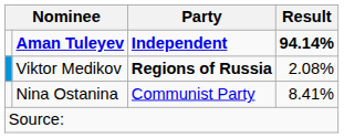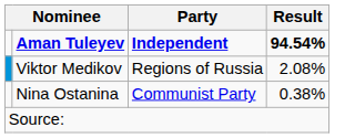 <table class=wikitable style=text-align:right>
 <tr>
 <th colspan=2>Nominee</th>
 <th>Party</th>
 <th>Result</th>
 </tr>
 <tr>
 <td style="background-color: "></td>
 <td align=left><strong><a href='#'>Aman Tuleyev</a></strong></td>
 <td align=left><strong><a href='#'>Independent</a></strong></td>
-<td><strong>94.14%</strong></td>
+<td><strong>94.54%</strong></td>
 </tr>
 <tr>
 <td style="background-color: #0095da"></td>
 <td align=left>Viktor Medikov</td>
-<td align=left><strong>Regions of Russia</strong></td>
+<td align=left>Regions of Russia</td>
 <td>2.08%</td>
 </tr>
 <tr>
 <td style="background-color: "></td>
 <td align=left>Nina Ostanina</td>
 <td align=left><a href='#'>Communist Party</a></td>
-<td>8.41%</td>
+<td>0.38%</td>
 </tr>
 <tr>
 <td align=left colspan=6>Source: </td>
 </tr>
 </table>
